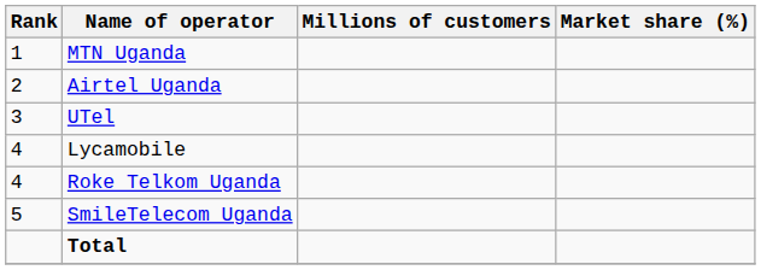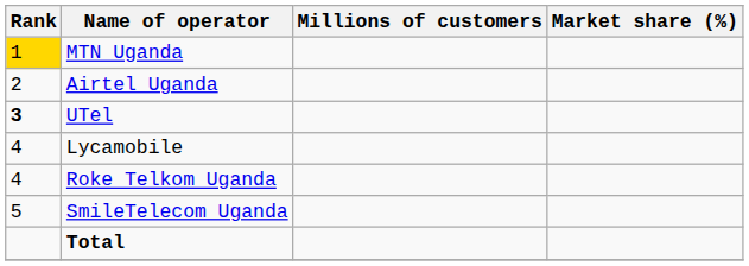 <table class="wikitable sortable" style="margin: 0.5em auto">
 <tr>
 <th>Rank</th>
 <th>Name of operator</th>
 <th>Millions of customers</th>
 <th>Market share (%)</th>
 </tr>
 <tr>
-<td>1</td>
+<td style="background: gold;">1</td>
 <td><a href='#'>MTN Uganda</a></td>
 <td></td>
 <td></td>
 </tr>
 <tr>
 <td>2</td>
 <td><a href='#'>Airtel Uganda</a></td>
 <td></td>
 <td></td>
 </tr>
 <tr>
-<td>3</td>
+<td><strong>3</strong></td>
 <td><a href='#'>UTel</a></td>
 <td></td>
 <td></td>
 </tr>
 <tr>
 <td>4</td>
 <td>Lycamobile</td>
 <td></td>
 <td></td>
 </tr>
 <tr>
 <td>4</td>
 <td><a href='#'>Roke Telkom Uganda</a></td>
 <td></td>
 <td></td>
 </tr>
 <tr>
 <td>5</td>
 <td><a href='#'>SmileTelecom Uganda</a></td>
 <td></td>
 <td></td>
 </tr>
 <tr>
 <td></td>
 <td><strong>Total</strong></td>
 <td></td>
 <td></td>
 </tr>
 <tr>
 </tr>
 </table>
